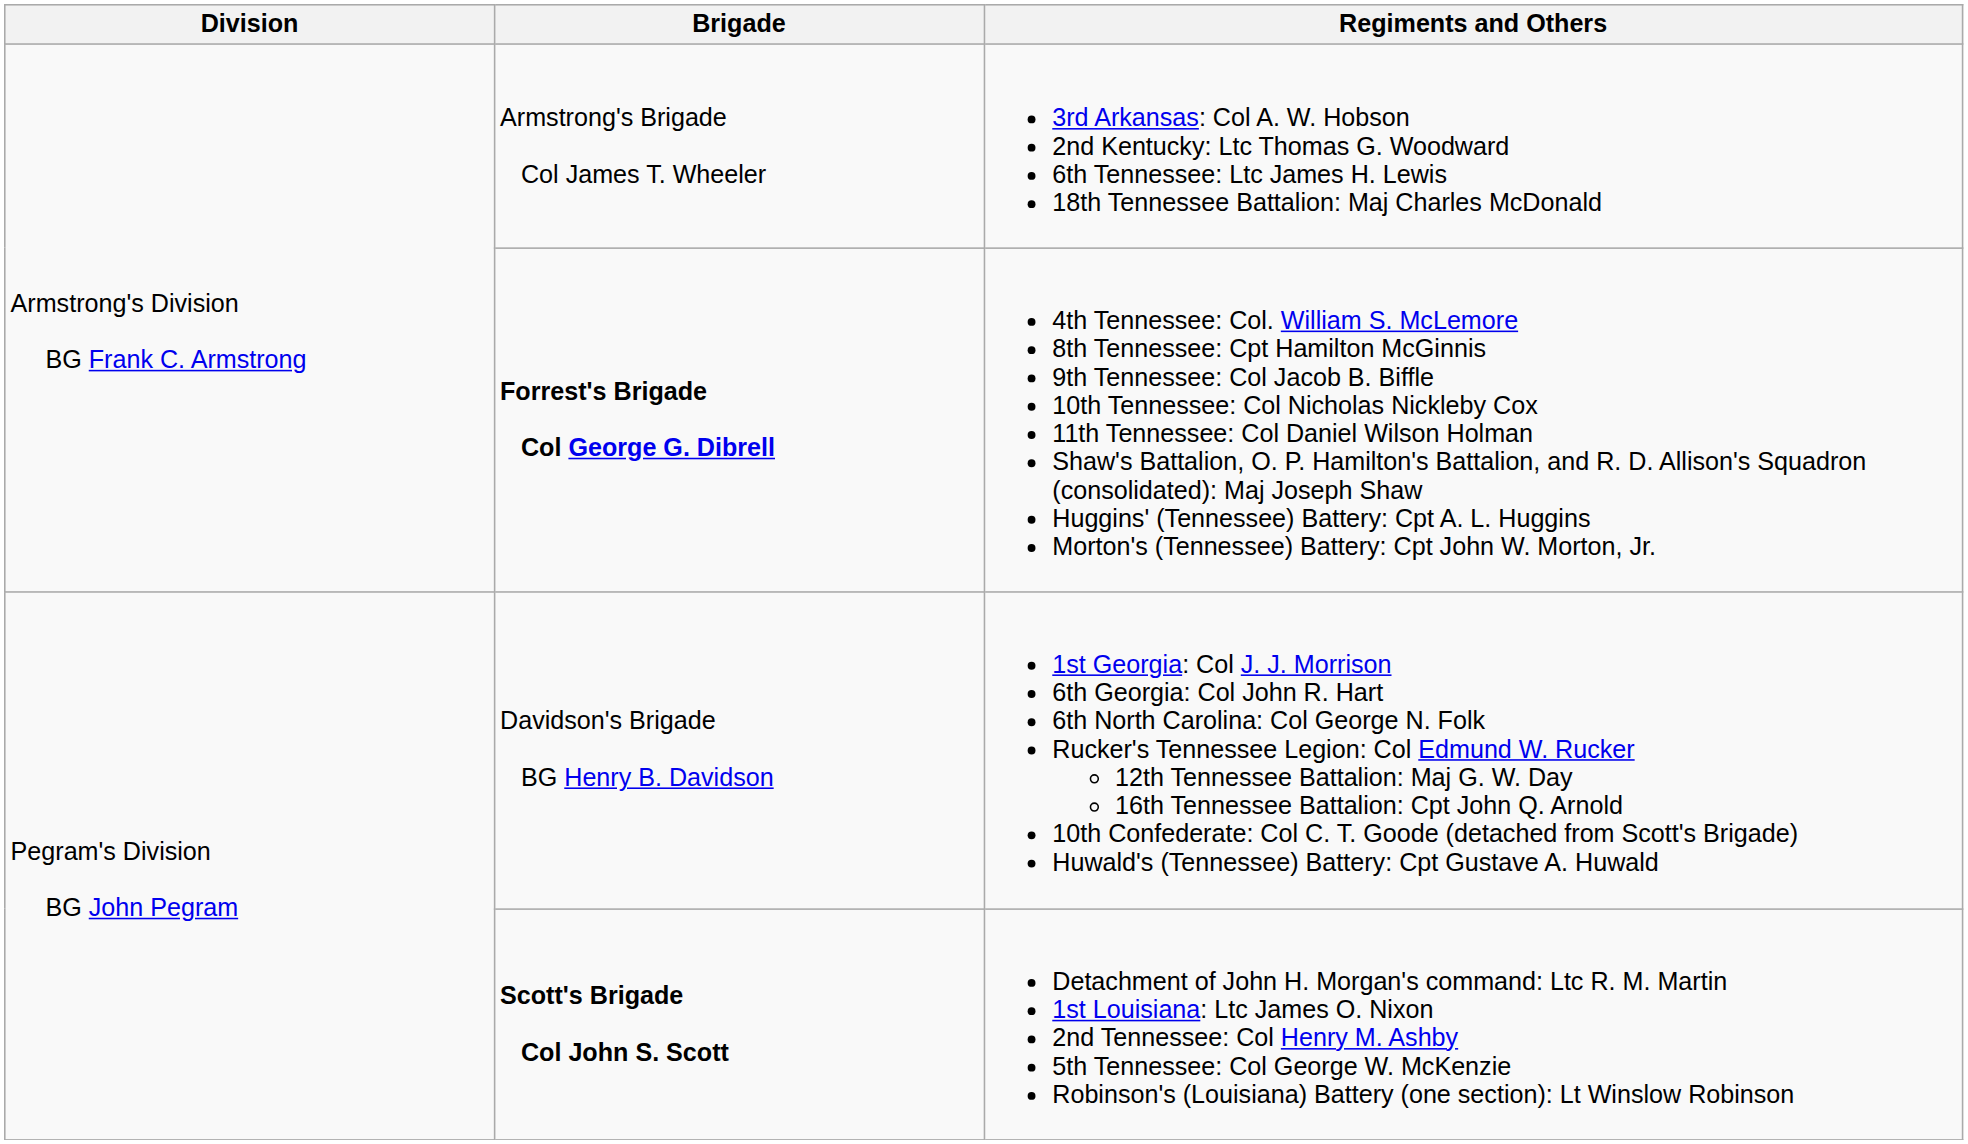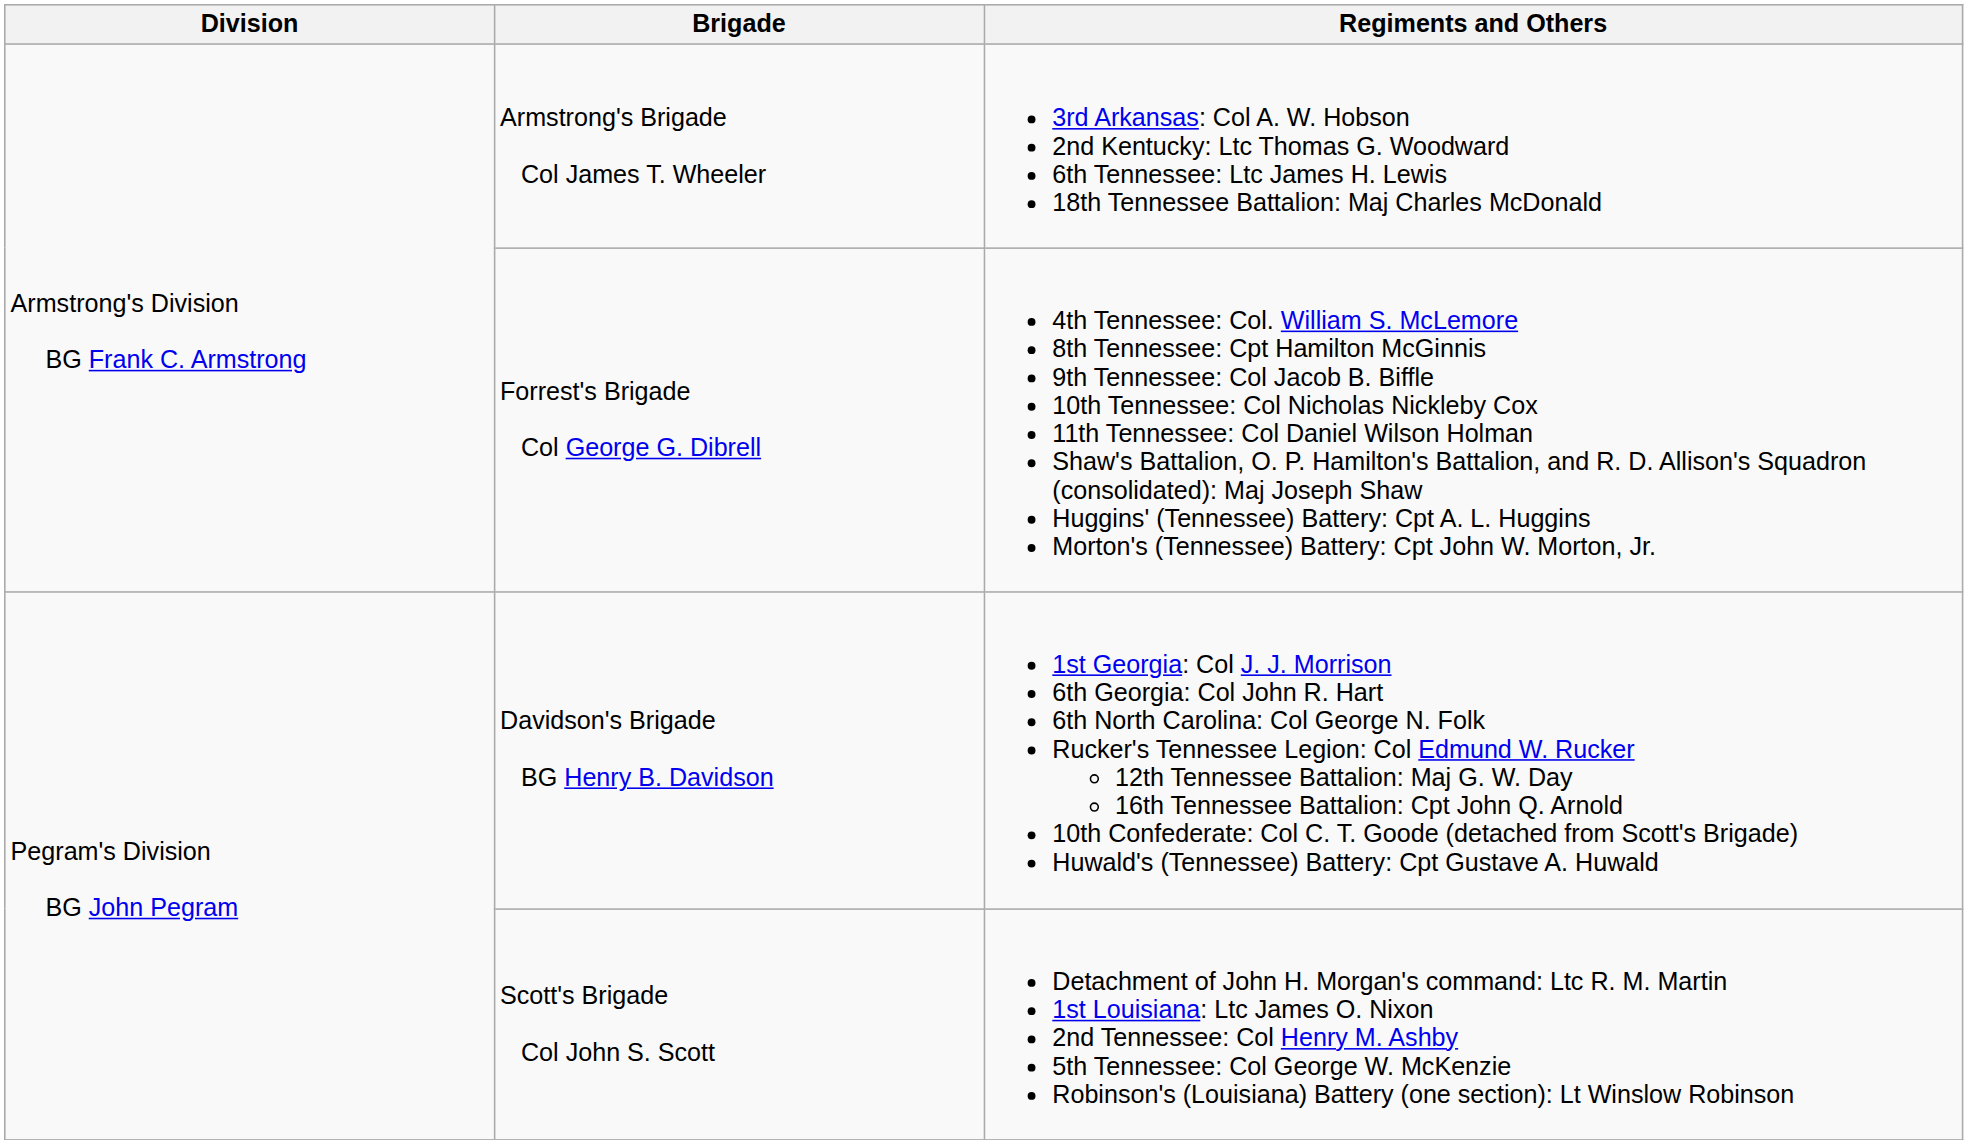 <table class="wikitable">
 <tr>
 <th width=25%>Division</th>
 <th width=25%>Brigade</th>
 <th>Regiments and Others</th>
 </tr>
 <tr>
 <td rowspan=2><br>Armstrong's Division<br><br>     BG <a href='#'>Frank C. Armstrong</a></td>
 <td>Armstrong's Brigade<br><br>   Col James T. Wheeler</td>
 <td><br><ul><li><a href='#'>3rd Arkansas</a>: Col A. W. Hobson</li><li>2nd Kentucky: Ltc Thomas G. Woodward</li><li>6th Tennessee: Ltc James H. Lewis</li><li>18th Tennessee Battalion: Maj Charles McDonald</li></ul></td>
 </tr>
 <tr>
-<td><strong>Forrest's Brigade<br><br>   Col <a href='#'>George G. Dibrell</a></strong></td>
+<td>Forrest's Brigade<br><br>   Col <a href='#'>George G. Dibrell</a></td>
 <td><br><ul><li>4th Tennessee: Col. <a href='#'>William S. McLemore</a></li><li>8th Tennessee: Cpt Hamilton McGinnis</li><li>9th Tennessee: Col Jacob B. Biffle</li><li>10th Tennessee: Col Nicholas Nickleby Cox</li><li>11th Tennessee: Col Daniel Wilson Holman</li><li>Shaw's Battalion, O. P. Hamilton's Battalion, and R. D. Allison's Squadron (consolidated): Maj Joseph Shaw</li><li>Huggins' (Tennessee) Battery: Cpt A. L. Huggins</li><li>Morton's (Tennessee) Battery: Cpt John W. Morton, Jr.</li></ul></td>
 </tr>
 <tr>
 <td rowspan=2><br>Pegram's Division<br><br>     BG <a href='#'>John Pegram</a></td>
 <td>Davidson's Brigade<br><br>   BG <a href='#'>Henry B. Davidson</a></td>
 <td><br><ul><li><a href='#'>1st Georgia</a>: Col <a href='#'>J. J. Morrison</a></li><li>6th Georgia: Col John R. Hart</li><li>6th North Carolina: Col George N. Folk</li><li>Rucker's Tennessee Legion: Col <a href='#'>Edmund W. Rucker</a><ul><li>12th Tennessee Battalion: Maj G. W. Day</li><li>16th Tennessee Battalion: Cpt John Q. Arnold</li></ul></li><li>10th Confederate: Col C. T. Goode (detached from Scott's Brigade)</li><li>Huwald's (Tennessee) Battery: Cpt Gustave A. Huwald</li></ul></td>
 </tr>
 <tr>
-<td><strong>Scott's Brigade<br><br>   Col John S. Scott</strong></td>
+<td>Scott's Brigade<br><br>   Col John S. Scott</td>
 <td><br><ul><li>Detachment of John H. Morgan's command: Ltc R. M. Martin</li><li><a href='#'>1st Louisiana</a>: Ltc James O. Nixon</li><li>2nd Tennessee: Col <a href='#'>Henry M. Ashby</a></li><li>5th Tennessee: Col George W. McKenzie</li><li>Robinson's (Louisiana) Battery (one section): Lt Winslow Robinson</li></ul></td>
 </tr>
 </table>
